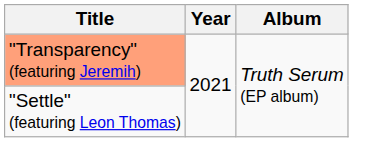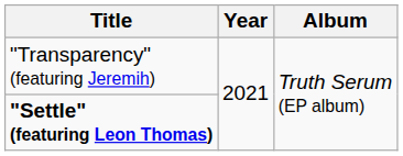 <table class="wikitable">
 <tr>
 <th>Title</th>
 <th>Year</th>
 <th>Album</th>
 </tr>
 <tr>
-<td style="background: lightsalmon;">"Transparency"<br><small>(featuring <a href='#'>Jeremih</a>)</small></td>
+<td>"Transparency"<br><small>(featuring <a href='#'>Jeremih</a>)</small></td>
 <td rowspan="2">2021</td>
 <td rowspan="2"><em>Truth Serum</em><br><small>(EP album)</small></td>
 </tr>
 <tr>
-<td>"Settle"<br><small>(featuring <a href='#'>Leon Thomas</a>)</small></td>
+<td><strong>"Settle"<br><small>(featuring <a href='#'>Leon Thomas</a>)</small></strong></td>
 </tr>
 </table>
